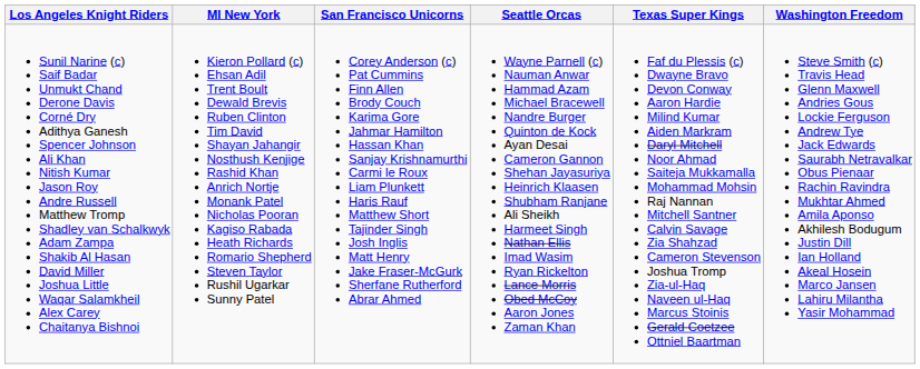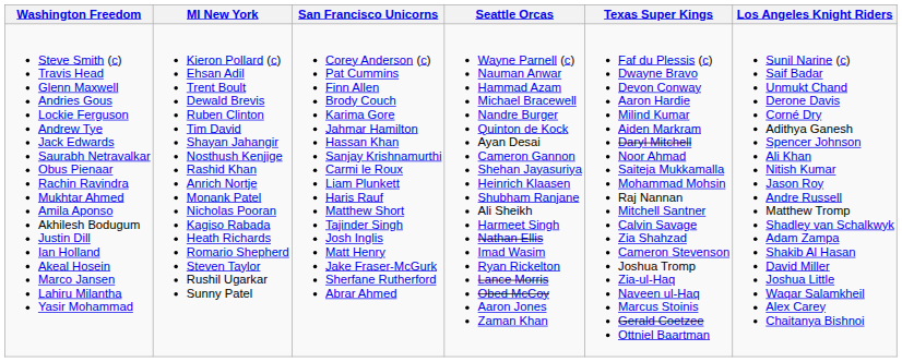 <table class="wikitable">
 <tr>
-<th><a href='#'>Los Angeles Knight Riders</a></th>
+<th><a href='#'>Washington Freedom</a></th>
 <th><a href='#'>MI New York</a></th>
 <th><a href='#'>San Francisco Unicorns</a></th>
 <th><a href='#'>Seattle Orcas</a></th>
 <th><a href='#'>Texas Super Kings</a></th>
-<th><a href='#'>Washington Freedom</a></th>
+<th><a href='#'>Los Angeles Knight Riders</a></th>
 </tr>
 <tr style="vertical-align:top">
-<td><br><ul><li><a href='#'>Sunil Narine</a> (<a href='#'>c</a>)</li><li><a href='#'>Saif Badar</a></li><li><a href='#'>Unmukt Chand</a></li><li><a href='#'>Derone Davis</a></li><li><a href='#'>Corné Dry</a></li><li>Adithya Ganesh</li><li><a href='#'>Spencer Johnson</a></li><li><a href='#'>Ali Khan</a></li><li><a href='#'>Nitish Kumar</a></li><li><a href='#'>Jason Roy</a></li><li><a href='#'>Andre Russell</a></li><li>Matthew Tromp</li><li><a href='#'>Shadley van Schalkwyk</a></li><li><a href='#'>Adam Zampa</a></li><li><a href='#'>Shakib Al Hasan</a></li><li><a href='#'>David Miller</a></li><li><a href='#'>Joshua Little</a></li><li><a href='#'>Waqar Salamkheil</a></li><li><a href='#'>Alex Carey</a></li><li><a href='#'>Chaitanya Bishnoi</a></li></ul></td>
+<td><br><ul><li><a href='#'>Steve Smith</a> (<a href='#'>c</a>)</li><li><a href='#'>Travis Head</a></li><li><a href='#'>Glenn Maxwell</a></li><li><a href='#'>Andries Gous</a></li><li><a href='#'>Lockie Ferguson</a></li><li><a href='#'>Andrew Tye</a></li><li><a href='#'>Jack Edwards</a></li><li><a href='#'>Saurabh Netravalkar</a></li><li><a href='#'>Obus Pienaar</a></li><li><a href='#'>Rachin Ravindra</a></li><li><a href='#'>Mukhtar Ahmed</a></li><li><a href='#'>Amila Aponso</a></li><li>Akhilesh Bodugum</li><li><a href='#'>Justin Dill</a></li><li><a href='#'>Ian Holland</a></li><li><a href='#'>Akeal Hosein</a></li><li><a href='#'>Marco Jansen</a></li><li><a href='#'>Lahiru Milantha</a></li><li><a href='#'>Yasir Mohammad</a></li></ul></td>
 <td><br><ul><li><a href='#'>Kieron Pollard</a> (<a href='#'>c</a>)</li><li><a href='#'>Ehsan Adil</a></li><li><a href='#'>Trent Boult</a></li><li><a href='#'>Dewald Brevis</a></li><li><a href='#'>Ruben Clinton</a></li><li><a href='#'>Tim David</a></li><li><a href='#'>Shayan Jahangir</a></li><li><a href='#'>Nosthush Kenjige</a></li><li><a href='#'>Rashid Khan</a></li><li><a href='#'>Anrich Nortje</a></li><li><a href='#'>Monank Patel</a></li><li><a href='#'>Nicholas Pooran</a></li><li><a href='#'>Kagiso Rabada</a></li><li><a href='#'>Heath Richards</a></li><li><a href='#'>Romario Shepherd</a></li><li><a href='#'>Steven Taylor</a></li><li>Rushil Ugarkar</li><li>Sunny Patel</li></ul></td>
 <td><br><ul><li><a href='#'>Corey Anderson</a> (<a href='#'>c</a>)</li><li><a href='#'>Pat Cummins</a></li><li><a href='#'>Finn Allen</a></li><li><a href='#'>Brody Couch</a></li><li><a href='#'>Karima Gore</a></li><li><a href='#'>Jahmar Hamilton</a></li><li><a href='#'>Hassan Khan</a></li><li><a href='#'>Sanjay Krishnamurthi</a></li><li><a href='#'>Carmi le Roux</a></li><li><a href='#'>Liam Plunkett</a></li><li><a href='#'>Haris Rauf</a></li><li><a href='#'>Matthew Short</a></li><li><a href='#'>Tajinder Singh</a></li><li><a href='#'>Josh Inglis</a></li><li><a href='#'>Matt Henry</a></li><li><a href='#'>Jake Fraser-McGurk</a></li><li><a href='#'>Sherfane Rutherford</a></li><li><a href='#'>Abrar Ahmed</a></li></ul></td>
 <td><br><ul><li><a href='#'>Wayne Parnell</a> (<a href='#'>c</a>)</li><li><a href='#'>Nauman Anwar</a></li><li><a href='#'>Hammad Azam</a></li><li><a href='#'>Michael Bracewell</a></li><li><a href='#'>Nandre Burger</a></li><li><a href='#'>Quinton de Kock</a></li><li>Ayan Desai</li><li><a href='#'>Cameron Gannon</a></li><li><a href='#'>Shehan Jayasuriya</a></li><li><a href='#'>Heinrich Klaasen</a></li><li><a href='#'>Shubham Ranjane</a></li><li>Ali Sheikh</li><li><a href='#'>Harmeet Singh</a></li><li><s> <a href='#'>Nathan Ellis</a></s></li><li><a href='#'>Imad Wasim</a></li><li><a href='#'>Ryan Rickelton</a></li><li><s> <a href='#'>Lance Morris</a></s></li><li><s> <a href='#'>Obed McCoy</a></s></li><li><a href='#'>Aaron Jones</a></li><li><a href='#'>Zaman Khan</a></li></ul></td>
 <td><br><ul><li><a href='#'>Faf du Plessis</a> (<a href='#'>c</a>)</li><li><a href='#'>Dwayne Bravo</a></li><li><a href='#'>Devon Conway</a></li><li><a href='#'>Aaron Hardie</a></li><li><a href='#'>Milind Kumar</a></li><li><a href='#'>Aiden Markram</a></li><li><s> <a href='#'>Daryl Mitchell</a></s></li><li><a href='#'>Noor Ahmad</a></li><li><a href='#'>Saiteja Mukkamalla</a></li><li><a href='#'>Mohammad Mohsin</a></li><li>Raj Nannan</li><li><a href='#'>Mitchell Santner</a></li><li><a href='#'>Calvin Savage</a></li><li><a href='#'>Zia Shahzad</a></li><li><a href='#'>Cameron Stevenson</a></li><li>Joshua Tromp</li><li><a href='#'>Zia-ul-Haq</a></li><li><a href='#'>Naveen ul-Haq</a></li><li><a href='#'>Marcus Stoinis</a></li><li><s>  <a href='#'>Gerald Coetzee</a> </s></li><li><a href='#'>Ottniel Baartman</a></li></ul></td>
-<td><br><ul><li><a href='#'>Steve Smith</a> (<a href='#'>c</a>)</li><li><a href='#'>Travis Head</a></li><li><a href='#'>Glenn Maxwell</a></li><li><a href='#'>Andries Gous</a></li><li><a href='#'>Lockie Ferguson</a></li><li><a href='#'>Andrew Tye</a></li><li><a href='#'>Jack Edwards</a></li><li><a href='#'>Saurabh Netravalkar</a></li><li><a href='#'>Obus Pienaar</a></li><li><a href='#'>Rachin Ravindra</a></li><li><a href='#'>Mukhtar Ahmed</a></li><li><a href='#'>Amila Aponso</a></li><li>Akhilesh Bodugum</li><li><a href='#'>Justin Dill</a></li><li><a href='#'>Ian Holland</a></li><li><a href='#'>Akeal Hosein</a></li><li><a href='#'>Marco Jansen</a></li><li><a href='#'>Lahiru Milantha</a></li><li><a href='#'>Yasir Mohammad</a></li></ul></td>
+<td><br><ul><li><a href='#'>Sunil Narine</a> (<a href='#'>c</a>)</li><li><a href='#'>Saif Badar</a></li><li><a href='#'>Unmukt Chand</a></li><li><a href='#'>Derone Davis</a></li><li><a href='#'>Corné Dry</a></li><li>Adithya Ganesh</li><li><a href='#'>Spencer Johnson</a></li><li><a href='#'>Ali Khan</a></li><li><a href='#'>Nitish Kumar</a></li><li><a href='#'>Jason Roy</a></li><li><a href='#'>Andre Russell</a></li><li>Matthew Tromp</li><li><a href='#'>Shadley van Schalkwyk</a></li><li><a href='#'>Adam Zampa</a></li><li><a href='#'>Shakib Al Hasan</a></li><li><a href='#'>David Miller</a></li><li><a href='#'>Joshua Little</a></li><li><a href='#'>Waqar Salamkheil</a></li><li><a href='#'>Alex Carey</a></li><li><a href='#'>Chaitanya Bishnoi</a></li></ul></td>
 </tr>
 </table>
